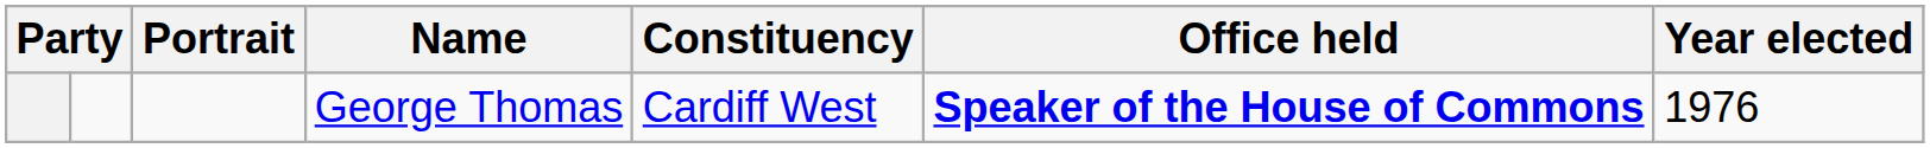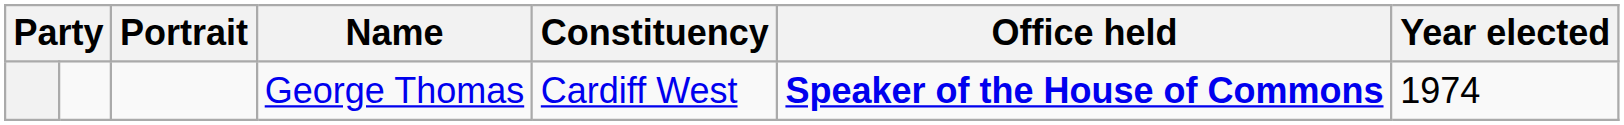 <table class="wikitable sortable">
 <tr>
 <th colspan=2>Party</th>
 <th>Portrait</th>
 <th>Name</th>
 <th>Constituency</th>
 <th>Office held</th>
 <th>Year elected</th>
 </tr>
 <tr>
 <th style="background-color: "></th>
 <td></td>
 <td></td>
 <td><a href='#'>George Thomas</a></td>
 <td><a href='#'>Cardiff West</a></td>
 <td><strong><a href='#'>Speaker of the House of Commons</a></strong></td>
-<td>1976</td>
+<td>1974</td>
 </tr>
 </table>
